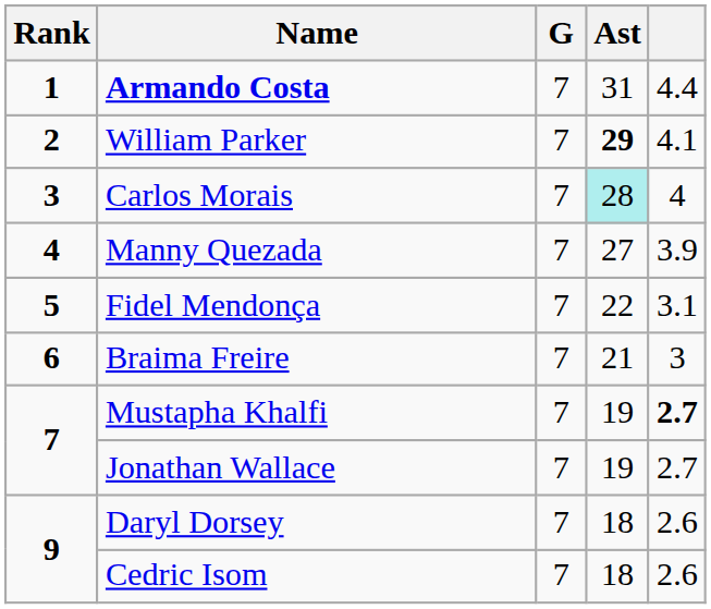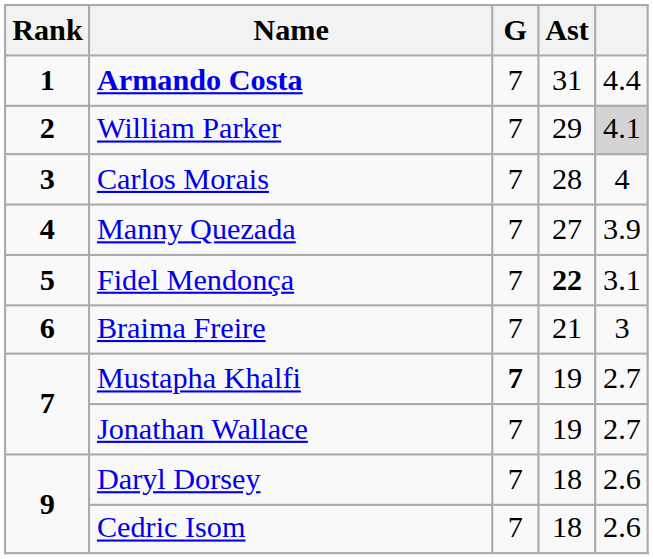 <table class="wikitable" style="text-align:center; font-size:90%;">
 <tr>
 <th width=10px>Rank</th>
 <th width=185px>Name</th>
 <th width=15px>G</th>
 <th width=10px>Ast</th>
 <th width=10px></th>
 </tr>
 <tr>
 <td><strong>1</strong></td>
 <td align=left> <strong><a href='#'>Armando Costa</a></strong></td>
 <td>7</td>
 <td>31</td>
 <td>4.4</td>
 </tr>
 <tr>
 <td><strong>2</strong></td>
 <td align=left> <a href='#'>William Parker</a></td>
 <td>7</td>
-<td><strong>29</strong></td>
-<td>4.1</td>
+<td>29</td>
+<td style="background: lightgrey;">4.1</td>
 </tr>
 <tr>
 <td><strong>3</strong></td>
 <td align=left> <a href='#'>Carlos Morais</a></td>
 <td>7</td>
-<td style="background: paleturquoise;">28</td>
+<td>28</td>
 <td>4</td>
 </tr>
 <tr>
 <td><strong>4</strong></td>
 <td align=left> <a href='#'>Manny Quezada</a></td>
 <td>7</td>
 <td>27</td>
 <td>3.9</td>
 </tr>
 <tr>
 <td><strong>5</strong></td>
 <td align=left> <a href='#'>Fidel Mendonça</a></td>
 <td>7</td>
-<td>22</td>
+<td><strong>22</strong></td>
 <td>3.1</td>
 </tr>
 <tr>
 <td><strong>6</strong></td>
 <td align=left> <a href='#'>Braima Freire</a></td>
 <td>7</td>
 <td>21</td>
 <td>3</td>
 </tr>
 <tr>
 <td rowspan=2><strong>7</strong></td>
 <td align=left> <a href='#'>Mustapha Khalfi</a></td>
-<td>7</td>
+<td><strong>7</strong></td>
 <td>19</td>
-<td><strong>2.7</strong></td>
+<td>2.7</td>
 </tr>
 <tr>
 <td align=left> <a href='#'>Jonathan Wallace</a></td>
 <td>7</td>
 <td>19</td>
 <td>2.7</td>
 </tr>
 <tr>
 <td rowspan=2><strong>9</strong></td>
 <td align=left> <a href='#'>Daryl Dorsey</a></td>
 <td>7</td>
 <td>18</td>
 <td>2.6</td>
 </tr>
 <tr>
 <td align=left> <a href='#'>Cedric Isom</a></td>
 <td>7</td>
 <td>18</td>
 <td>2.6</td>
 </tr>
 </table>
